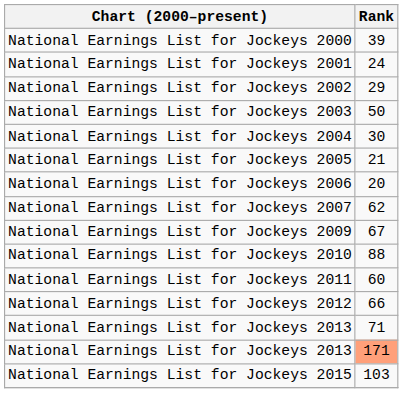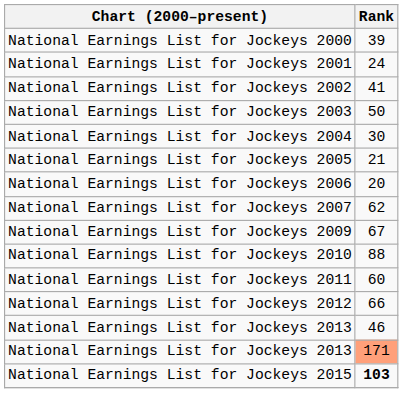 <table class="wikitable sortable">
 <tr>
 <th>Chart (2000–present)</th>
 <th>Rank</th>
 </tr>
 <tr>
 <td>National Earnings List for Jockeys 2000</td>
 <td style="text-align:center;">39</td>
 </tr>
 <tr>
 <td>National Earnings List for Jockeys 2001</td>
 <td style="text-align:center;">24</td>
 </tr>
 <tr>
 <td>National Earnings List for Jockeys 2002</td>
-<td style="text-align:center;">29</td>
+<td style="text-align:center;">41</td>
 </tr>
 <tr>
 <td>National Earnings List for Jockeys 2003</td>
 <td style="text-align:center;">50</td>
 </tr>
 <tr>
 <td>National Earnings List for Jockeys 2004</td>
 <td style="text-align:center;">30</td>
 </tr>
 <tr>
 <td>National Earnings List for Jockeys 2005</td>
 <td style="text-align:center;">21</td>
 </tr>
 <tr>
 <td>National Earnings List for Jockeys 2006</td>
 <td style="text-align:center;">20</td>
 </tr>
 <tr>
 <td>National Earnings List for Jockeys 2007</td>
 <td style="text-align:center;">62</td>
 </tr>
 <tr>
 <td>National Earnings List for Jockeys 2009</td>
 <td style="text-align:center;">67</td>
 </tr>
 <tr>
 <td>National Earnings List for Jockeys 2010</td>
 <td style="text-align:center;">88</td>
 </tr>
 <tr>
 <td>National Earnings List for Jockeys 2011</td>
 <td style="text-align:center;">60</td>
 </tr>
 <tr>
 <td>National Earnings List for Jockeys 2012</td>
 <td style="text-align:center;">66</td>
 </tr>
 <tr>
 <td>National Earnings List for Jockeys 2013</td>
-<td style="text-align:center;">71</td>
+<td style="text-align:center;">46</td>
 </tr>
 <tr>
 <td>National Earnings List for Jockeys 2013</td>
 <td style="background: lightsalmon; text-align:center;">171</td>
 </tr>
 <tr>
 <td>National Earnings List for Jockeys 2015</td>
-<td style="text-align:center;">103</td>
+<td style="text-align:center;"><strong>103</strong></td>
 </tr>
 <tr>
 </tr>
 </table>
